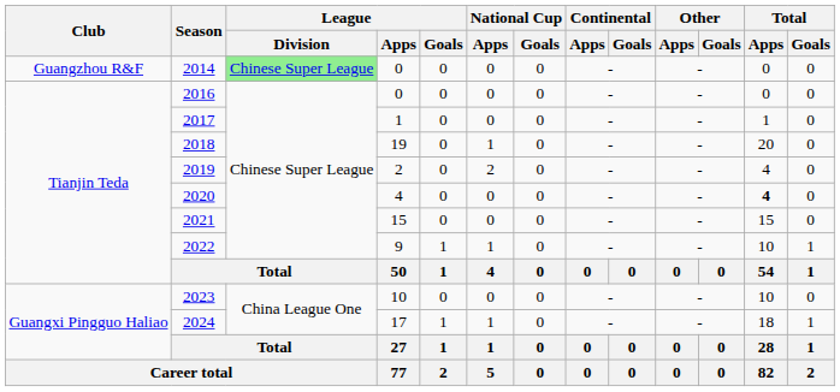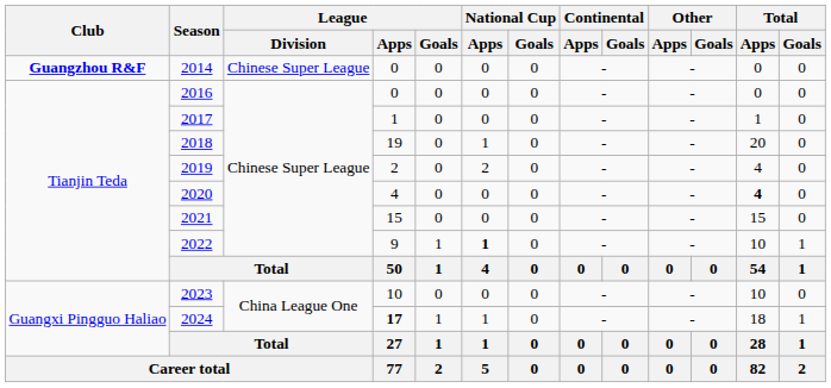 <table class="wikitable" style="text-align: center">
 <tr>
 <th rowspan="2">Club</th>
 <th rowspan="2">Season</th>
 <th colspan="3">League</th>
 <th colspan="2">National Cup</th>
 <th colspan="2">Continental</th>
 <th colspan="2">Other</th>
 <th colspan="2">Total</th>
 </tr>
 <tr>
 <th>Division</th>
 <th>Apps</th>
 <th>Goals</th>
 <th>Apps</th>
 <th>Goals</th>
 <th>Apps</th>
 <th>Goals</th>
 <th>Apps</th>
 <th>Goals</th>
 <th>Apps</th>
 <th>Goals</th>
 </tr>
 <tr>
-<td><a href='#'>Guangzhou R&F</a></td>
+<td><strong><a href='#'>Guangzhou R&F</a></strong></td>
 <td><a href='#'>2014</a></td>
-<td rowspan=1 style="background: lightgreen;"><a href='#'>Chinese Super League</a></td>
+<td rowspan=1><a href='#'>Chinese Super League</a></td>
 <td>0</td>
 <td>0</td>
 <td>0</td>
 <td>0</td>
 <td colspan="2">-</td>
 <td colspan="2">-</td>
 <td>0</td>
 <td>0</td>
 </tr>
 <tr>
 <td rowspan=8><a href='#'>Tianjin Teda</a></td>
 <td><a href='#'>2016</a></td>
 <td rowspan=7>Chinese Super League</td>
 <td>0</td>
 <td>0</td>
 <td>0</td>
 <td>0</td>
 <td colspan="2">-</td>
 <td colspan="2">-</td>
 <td>0</td>
 <td>0</td>
 </tr>
 <tr>
 <td><a href='#'>2017</a></td>
 <td>1</td>
 <td>0</td>
 <td>0</td>
 <td>0</td>
 <td colspan="2">-</td>
 <td colspan="2">-</td>
 <td>1</td>
 <td>0</td>
 </tr>
 <tr>
 <td><a href='#'>2018</a></td>
 <td>19</td>
 <td>0</td>
 <td>1</td>
 <td>0</td>
 <td colspan="2">-</td>
 <td colspan="2">-</td>
 <td>20</td>
 <td>0</td>
 </tr>
 <tr>
 <td><a href='#'>2019</a></td>
 <td>2</td>
 <td>0</td>
 <td>2</td>
 <td>0</td>
 <td colspan="2">-</td>
 <td colspan="2">-</td>
 <td>4</td>
 <td>0</td>
 </tr>
 <tr>
 <td><a href='#'>2020</a></td>
 <td>4</td>
 <td>0</td>
 <td>0</td>
 <td>0</td>
 <td colspan="2">-</td>
 <td colspan="2">-</td>
 <td><strong>4</strong></td>
 <td>0</td>
 </tr>
 <tr>
 <td><a href='#'>2021</a></td>
 <td>15</td>
 <td>0</td>
 <td>0</td>
 <td>0</td>
 <td colspan="2">-</td>
 <td colspan="2">-</td>
 <td>15</td>
 <td>0</td>
 </tr>
 <tr>
 <td><a href='#'>2022</a></td>
 <td>9</td>
 <td>1</td>
-<td>1</td>
+<td><strong>1</strong></td>
 <td>0</td>
 <td colspan="2">-</td>
 <td colspan="2">-</td>
 <td>10</td>
 <td>1</td>
 </tr>
 <tr>
 <th colspan=2>Total</th>
 <th>50</th>
 <th>1</th>
 <th>4</th>
 <th>0</th>
 <th>0</th>
 <th>0</th>
 <th>0</th>
 <th>0</th>
 <th>54</th>
 <th>1</th>
 </tr>
 <tr>
 <td rowspan=3><a href='#'>Guangxi Pingguo Haliao</a></td>
 <td><a href='#'>2023</a></td>
 <td rowspan=2>China League One</td>
 <td>10</td>
 <td>0</td>
 <td>0</td>
 <td>0</td>
 <td colspan="2">-</td>
 <td colspan="2">-</td>
 <td>10</td>
 <td>0</td>
 </tr>
 <tr>
 <td><a href='#'>2024</a></td>
-<td>17</td>
+<td><strong>17</strong></td>
 <td>1</td>
 <td>1</td>
 <td>0</td>
 <td colspan="2">-</td>
 <td colspan="2">-</td>
 <td>18</td>
 <td>1</td>
 </tr>
 <tr>
 <th colspan=2>Total</th>
 <th>27</th>
 <th>1</th>
 <th>1</th>
 <th>0</th>
 <th>0</th>
 <th>0</th>
 <th>0</th>
 <th>0</th>
 <th>28</th>
 <th>1</th>
 </tr>
 <tr>
 <th colspan=3>Career total</th>
 <th>77</th>
 <th>2</th>
 <th>5</th>
 <th>0</th>
 <th>0</th>
 <th>0</th>
 <th>0</th>
 <th>0</th>
 <th>82</th>
 <th>2</th>
 </tr>
 </table>
